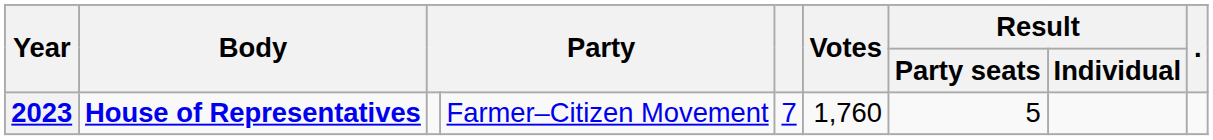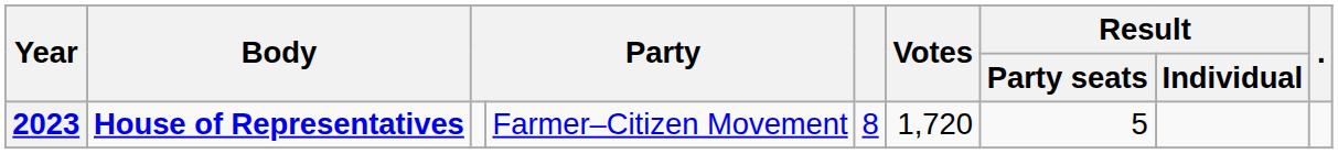 <table class="wikitable plainrowheaders sortable" border=2 cellpadding=4 cellspacing=0 style="border: 1px #aaa solid; font-size: 90%; text-align:center;">
 <tr>
 <th scope="col" rowspan=2>Year</th>
 <th scope="col" rowspan=2>Body</th>
 <th scope="col" colspan=2 rowspan=2>Party</th>
 <th scope="col" rowspan=2></th>
 <th scope="col" rowspan=2>Votes</th>
 <th scope="colgroup" colspan=2>Result</th>
 <th scope="col" rowspan=2 class="unsortable">.</th>
 </tr>
 <tr>
 <th scope="col">Party seats</th>
 <th scope="col">Individual</th>
 </tr>
 <tr>
 <th scope="row"><a href='#'>2023</a></th>
 <td><strong><a href='#'>House of Representatives</a></strong></td>
 <td style="background-color:"></td>
 <td><a href='#'>Farmer–Citizen Movement</a></td>
-<td style=text-align:right><a href='#'>7</a></td>
-<td style=text-align:right>1,760</td>
+<td style=text-align:right><a href='#'>8</a></td>
+<td style=text-align:right>1,720</td>
 <td style=text-align:right>5</td>
 <td></td>
 <td></td>
 </tr>
 </table>
